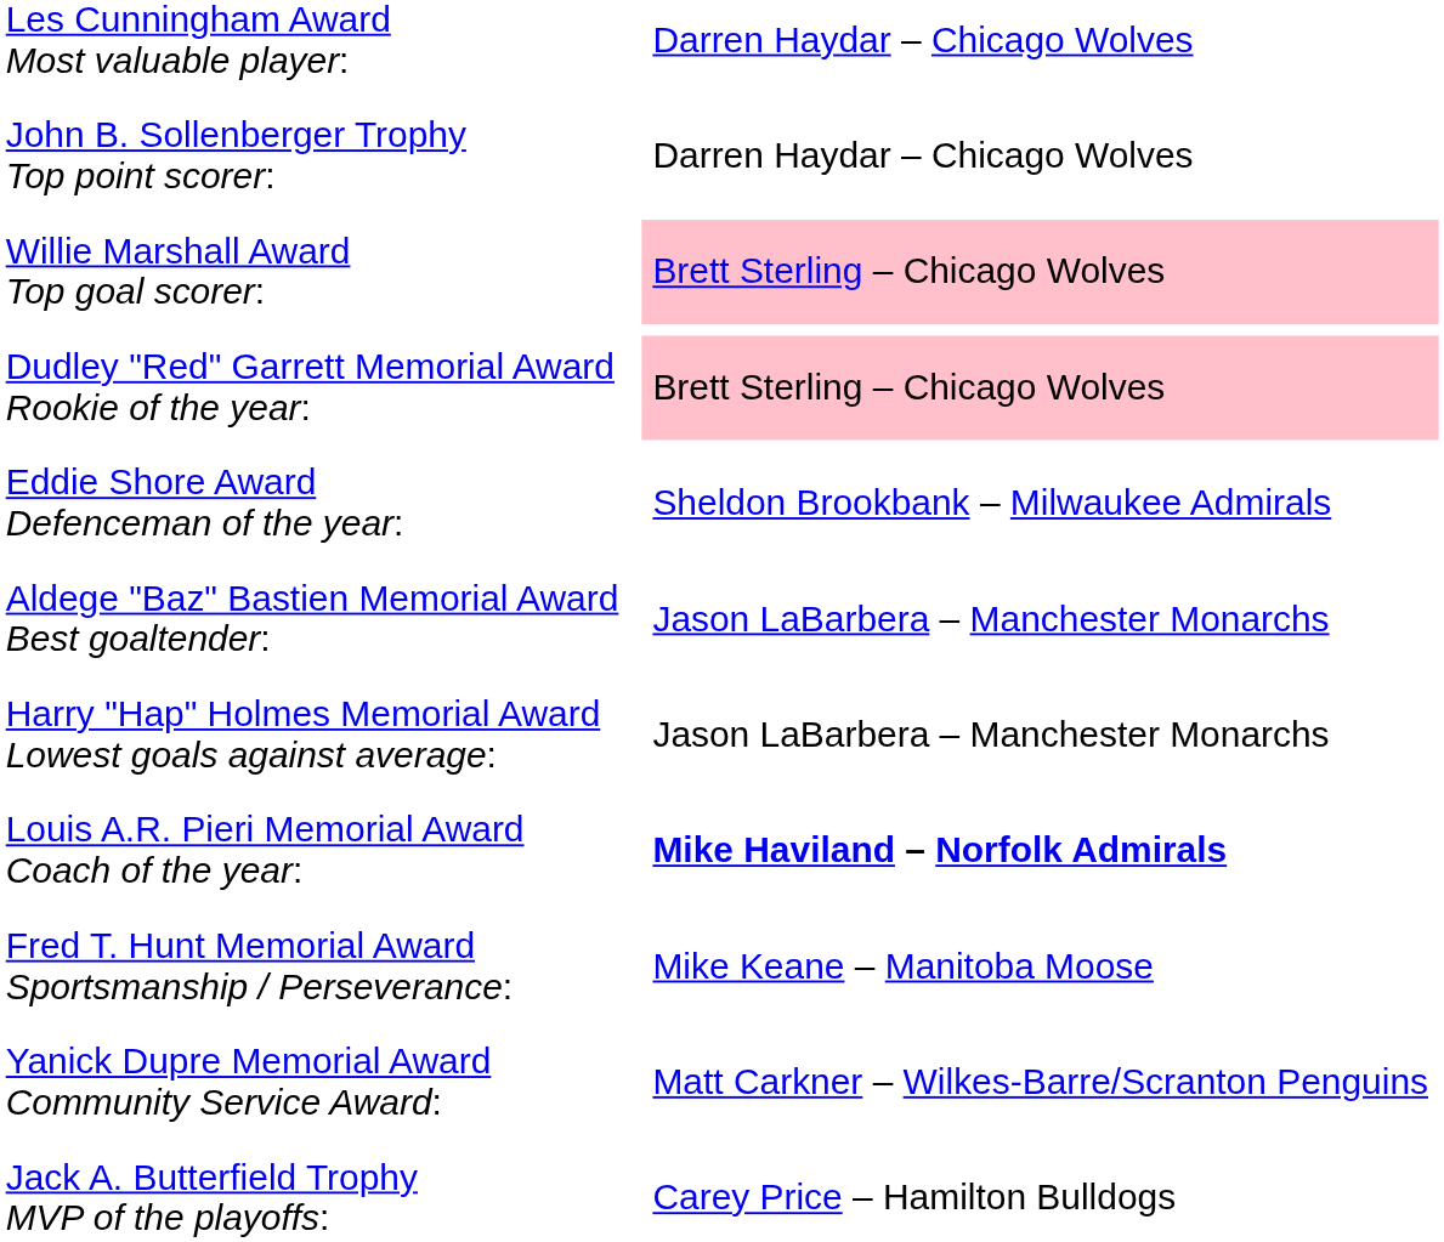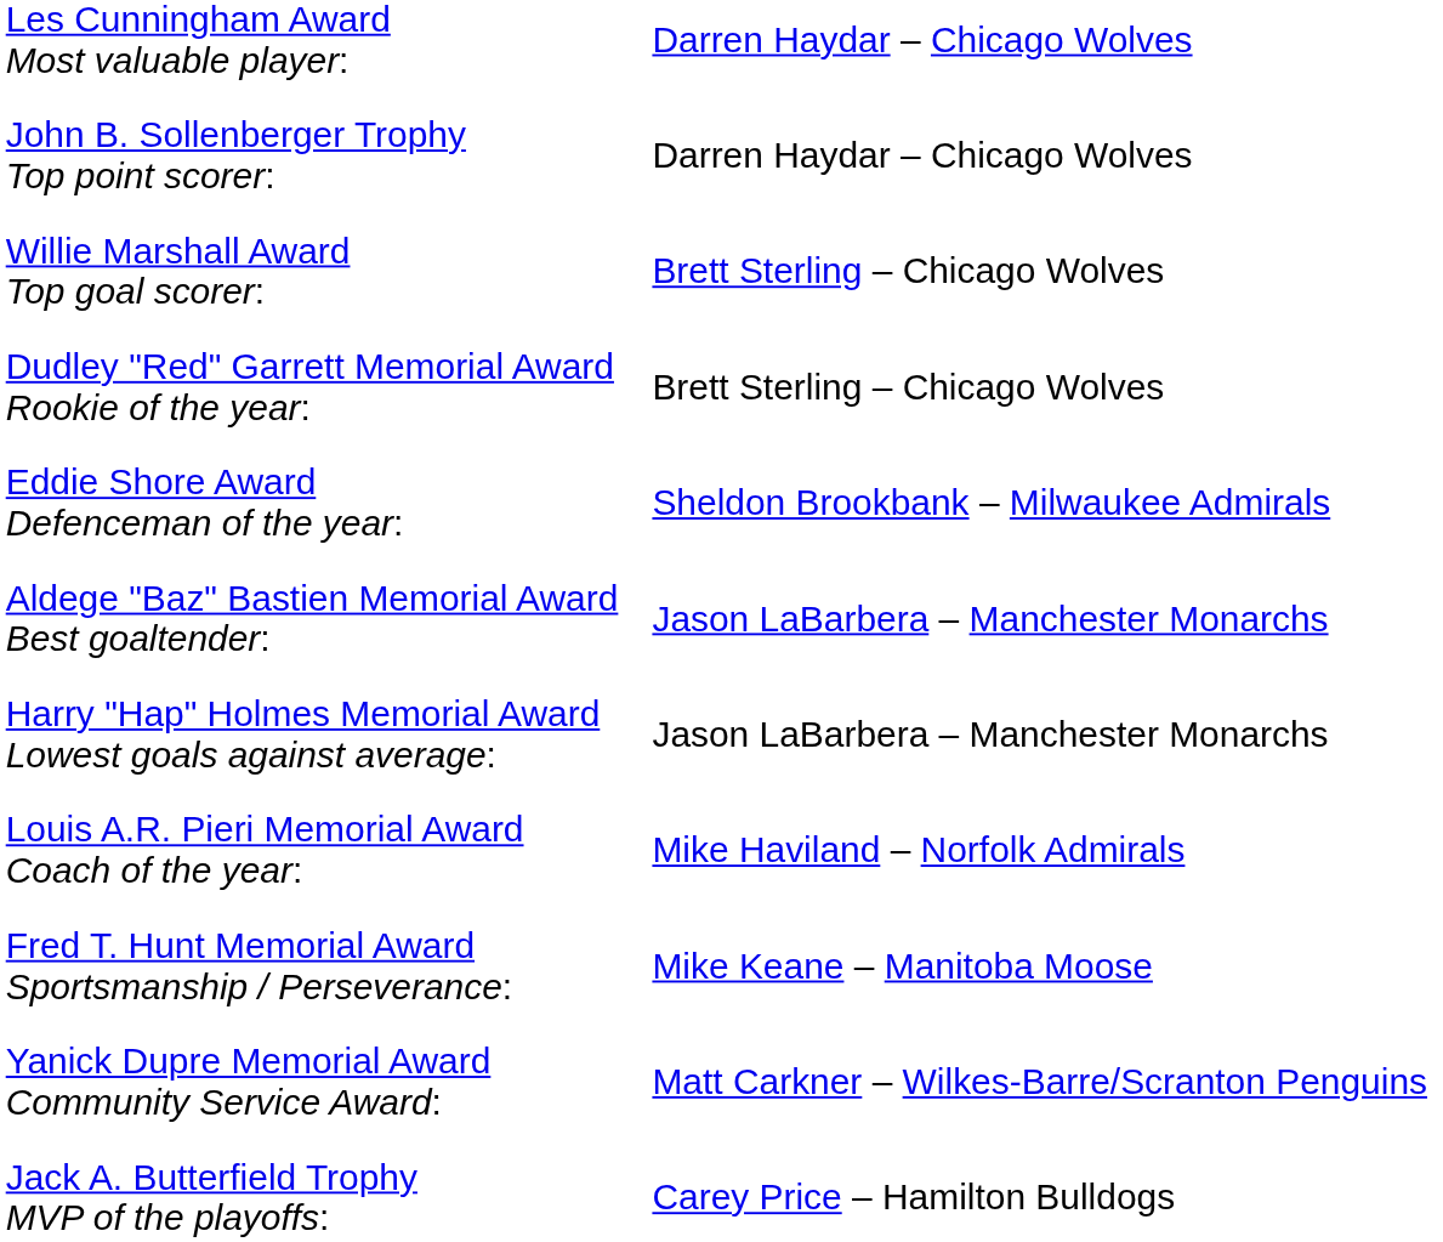 <table cellpadding="5" cellspacing="5">
 <tr>
 <td><a href='#'>Les Cunningham Award</a><br><em>Most valuable player</em>:</td>
 <td><a href='#'>Darren Haydar</a> – <a href='#'>Chicago Wolves</a></td>
 </tr>
 <tr>
 <td><a href='#'>John B. Sollenberger Trophy</a><br><em>Top point scorer</em>:</td>
 <td>Darren Haydar – Chicago Wolves</td>
 </tr>
 <tr>
 <td><a href='#'>Willie Marshall Award</a><br><em>Top goal scorer</em>:</td>
-<td style="background: pink;"><a href='#'>Brett Sterling</a> – Chicago Wolves</td>
+<td><a href='#'>Brett Sterling</a> – Chicago Wolves</td>
 </tr>
 <tr>
 <td><a href='#'>Dudley "Red" Garrett Memorial Award</a><br><em>Rookie of the year</em>:</td>
-<td style="background: pink;">Brett Sterling – Chicago Wolves</td>
+<td>Brett Sterling – Chicago Wolves</td>
 </tr>
 <tr>
 <td><a href='#'>Eddie Shore Award</a><br><em>Defenceman of the year</em>:</td>
 <td><a href='#'>Sheldon Brookbank</a> – <a href='#'>Milwaukee Admirals</a></td>
 </tr>
 <tr>
 <td><a href='#'>Aldege "Baz" Bastien Memorial Award</a><br><em>Best goaltender</em>:</td>
 <td><a href='#'>Jason LaBarbera</a> – <a href='#'>Manchester Monarchs</a></td>
 </tr>
 <tr>
 <td><a href='#'>Harry "Hap" Holmes Memorial Award</a><br><em>Lowest goals against average</em>:</td>
 <td>Jason LaBarbera – Manchester Monarchs</td>
 </tr>
 <tr>
 <td><a href='#'>Louis A.R. Pieri Memorial Award</a><br><em>Coach of the year</em>:</td>
-<td><strong><a href='#'>Mike Haviland</a> – <a href='#'>Norfolk Admirals</a></strong></td>
+<td><a href='#'>Mike Haviland</a> – <a href='#'>Norfolk Admirals</a></td>
 </tr>
 <tr>
 <td><a href='#'>Fred T. Hunt Memorial Award</a><br><em>Sportsmanship / Perseverance</em>:</td>
 <td><a href='#'>Mike Keane</a> – <a href='#'>Manitoba Moose</a></td>
 </tr>
 <tr>
 <td><a href='#'>Yanick Dupre Memorial Award</a><br><em>Community Service Award</em>:</td>
 <td><a href='#'>Matt Carkner</a> – <a href='#'>Wilkes-Barre/Scranton Penguins</a></td>
 </tr>
 <tr>
 <td><a href='#'>Jack A. Butterfield Trophy</a><br><em>MVP of the playoffs</em>:</td>
 <td><a href='#'>Carey Price</a> – Hamilton Bulldogs</td>
 </tr>
 </table>
